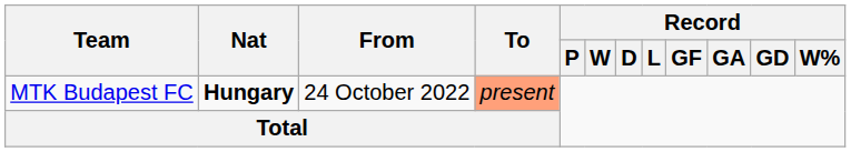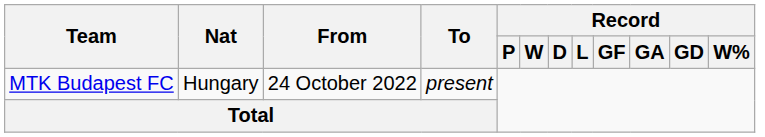 <table class="wikitable" style="text-align: center">
 <tr>
 <th rowspan="2">Team</th>
 <th rowspan="2">Nat</th>
 <th rowspan="2">From</th>
 <th rowspan="2">To</th>
 <th colspan="8">Record</th>
 </tr>
 <tr>
 <th>P</th>
 <th>W</th>
 <th>D</th>
 <th>L</th>
 <th>GF</th>
 <th>GA</th>
 <th>GD</th>
 <th>W%</th>
 </tr>
 <tr>
 <td align=left><a href='#'>MTK Budapest FC</a></td>
-<td><strong>Hungary</strong></td>
+<td>Hungary</td>
 <td align=left>24 October 2022</td>
-<td align=left style="background: lightsalmon;"><em>present</em><br></td>
+<td align=left><em>present</em><br></td>
 </tr>
 <tr>
 <th colspan="4">Total<br></th>
 </tr>
 </table>
